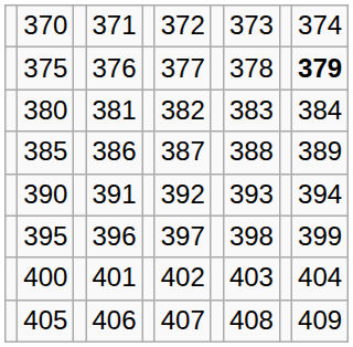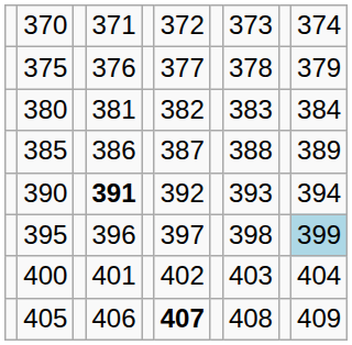 <table class="wikitable" style="text-align:center">
 <tr>
 <td></td>
 <td>370<br><big></big></td>
 <td></td>
 <td>371<br><big></big></td>
 <td></td>
 <td>372<br><big></big></td>
 <td></td>
 <td>373<br><big></big></td>
 <td></td>
 <td>374<br><big></big></td>
 </tr>
 <tr>
 <td></td>
 <td>375<br><big></big></td>
 <td></td>
 <td>376<br><big></big></td>
 <td></td>
 <td>377<br><big></big></td>
 <td></td>
 <td>378<br><big></big></td>
 <td></td>
-<td><strong>379<br><big></big></strong></td>
+<td>379<br><big></big></td>
 </tr>
 <tr>
 <td></td>
 <td>380<br><big></big></td>
 <td></td>
 <td>381<br><big></big></td>
 <td></td>
 <td>382<br><big></big></td>
 <td></td>
 <td>383<br><big></big></td>
 <td></td>
 <td>384<br><big></big></td>
 </tr>
 <tr>
 <td></td>
 <td>385<br><big></big></td>
 <td></td>
 <td>386<br><big></big></td>
 <td></td>
 <td>387<br><big></big></td>
 <td></td>
 <td>388<br><big></big></td>
 <td></td>
 <td>389<br><big></big></td>
 </tr>
 <tr>
 <td></td>
 <td>390<br><big></big></td>
 <td></td>
-<td>391<br><big></big></td>
+<td><strong>391<br><big></big></strong></td>
 <td></td>
 <td>392<br><big></big></td>
 <td></td>
 <td>393<br><big></big></td>
 <td></td>
 <td>394<br><big></big></td>
 </tr>
 <tr>
 <td></td>
 <td>395<br><big></big></td>
 <td></td>
 <td>396<br><big></big></td>
 <td></td>
 <td>397<br><big></big></td>
 <td></td>
 <td>398<br><big></big></td>
 <td></td>
-<td>399<br><big></big></td>
+<td style="background: lightblue;">399<br><big></big></td>
 </tr>
 <tr>
 <td></td>
 <td>400<br><big></big></td>
 <td></td>
 <td>401<br><big></big></td>
 <td></td>
 <td>402<br><big></big></td>
 <td></td>
 <td>403<br><big></big></td>
 <td></td>
 <td>404<br><big></big></td>
 </tr>
 <tr>
 <td></td>
 <td>405<br><big></big></td>
 <td></td>
 <td>406<br><big></big></td>
 <td></td>
-<td>407<br><big></big></td>
+<td><strong>407<br><big></big></strong></td>
 <td></td>
 <td>408<br><big></big></td>
 <td></td>
 <td>409<br><big></big></td>
 </tr>
 </table>
